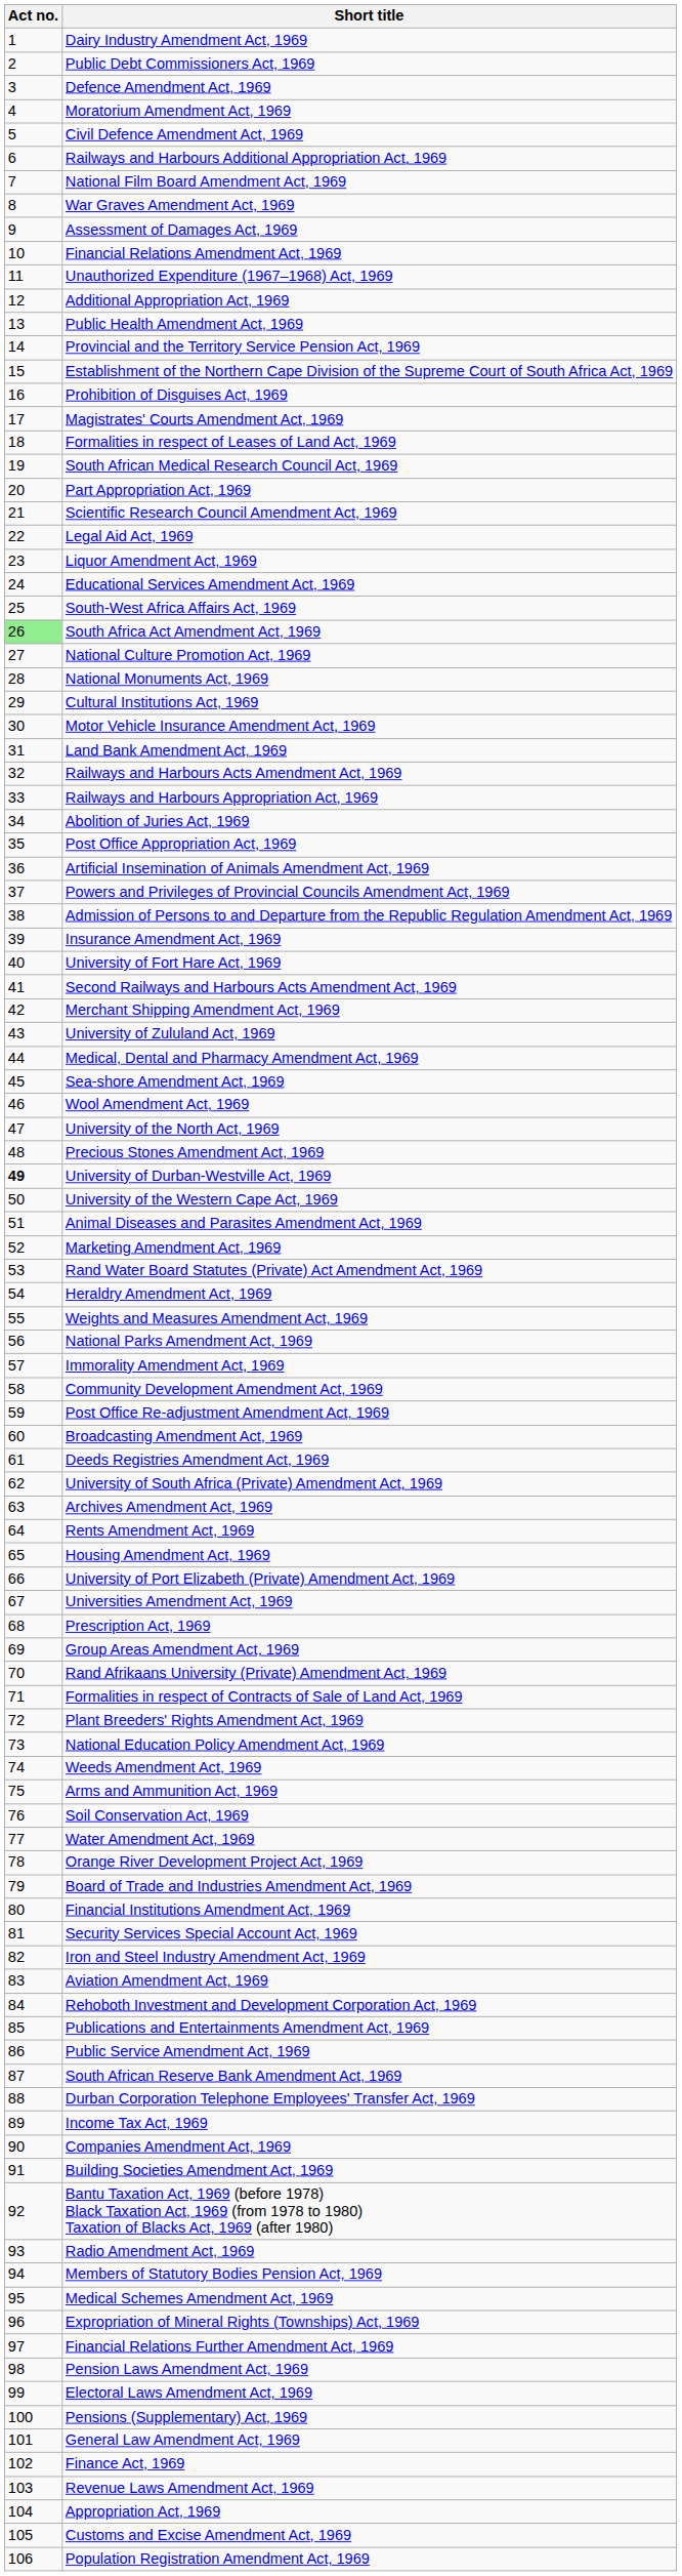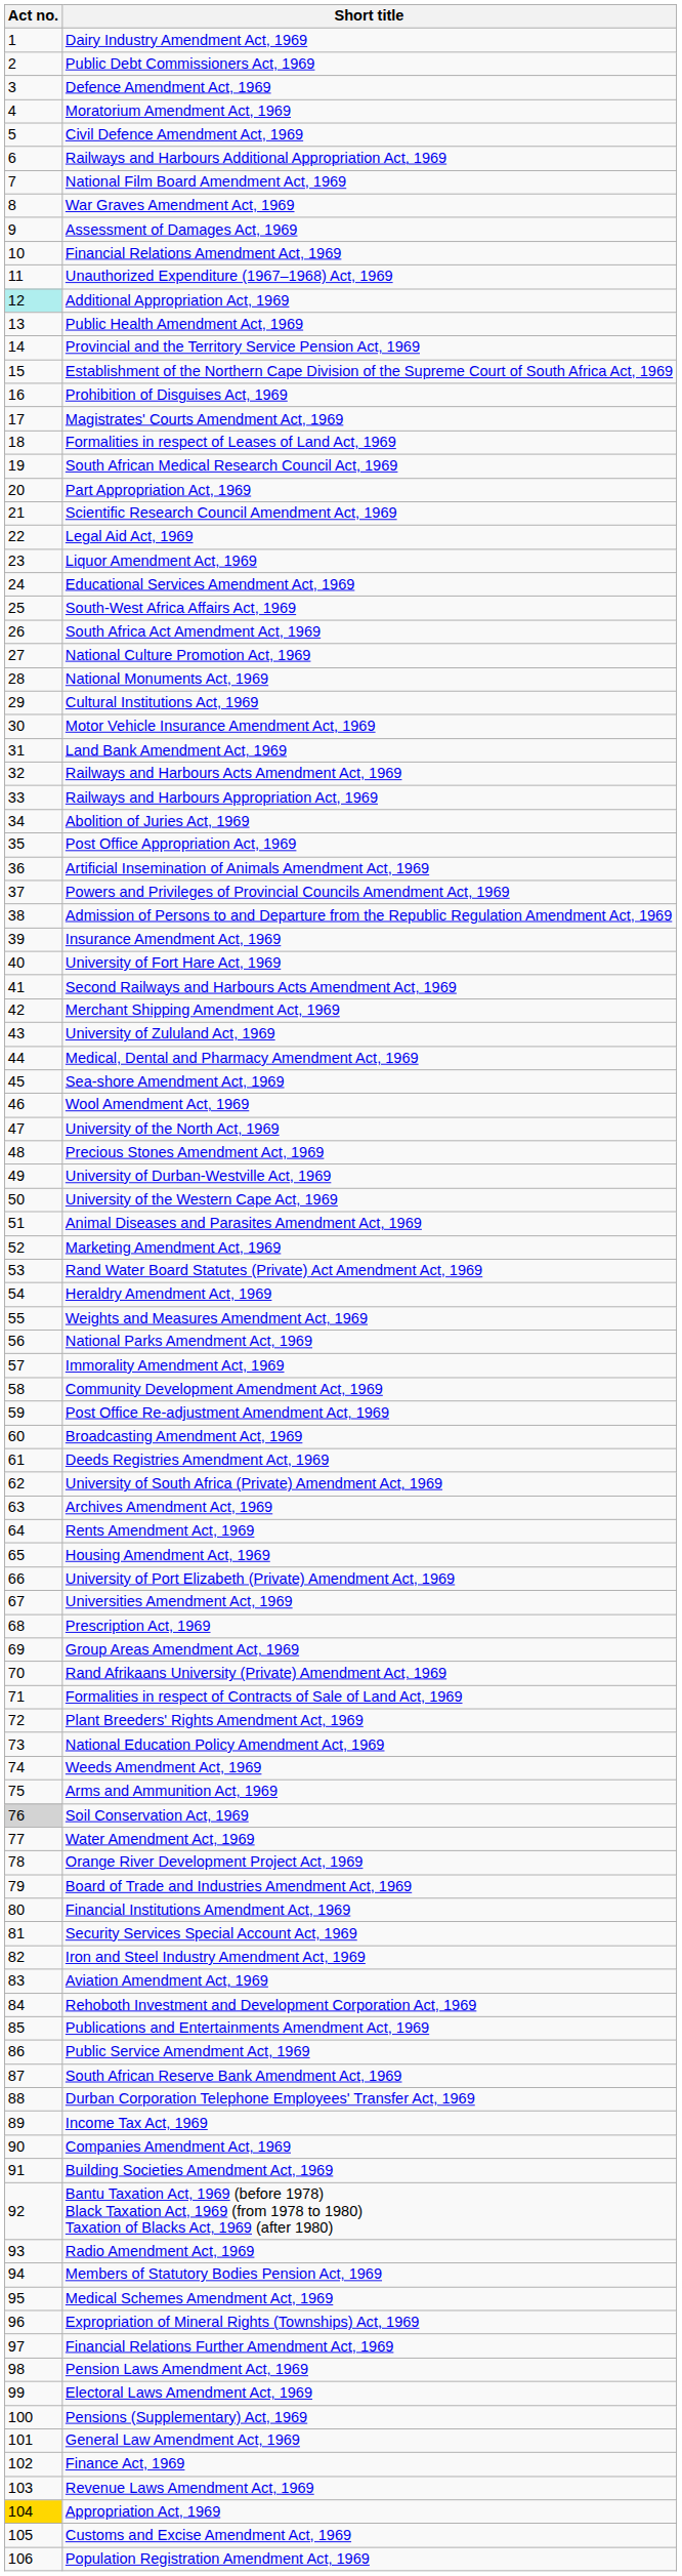 <table class="wikitable sortable">
 <tr>
 <th>Act no.</th>
 <th>Short title</th>
 </tr>
 <tr>
 <td>1</td>
 <td><a href='#'>Dairy Industry Amendment Act, 1969</a></td>
 </tr>
 <tr>
 <td>2</td>
 <td><a href='#'>Public Debt Commissioners Act, 1969</a></td>
 </tr>
 <tr>
 <td>3</td>
 <td><a href='#'>Defence Amendment Act, 1969</a></td>
 </tr>
 <tr>
 <td>4</td>
 <td><a href='#'>Moratorium Amendment Act, 1969</a></td>
 </tr>
 <tr>
 <td>5</td>
 <td><a href='#'>Civil Defence Amendment Act, 1969</a></td>
 </tr>
 <tr>
 <td>6</td>
 <td><a href='#'>Railways and Harbours Additional Appropriation Act, 1969</a></td>
 </tr>
 <tr>
 <td>7</td>
 <td><a href='#'>National Film Board Amendment Act, 1969</a></td>
 </tr>
 <tr>
 <td>8</td>
 <td><a href='#'>War Graves Amendment Act, 1969</a></td>
 </tr>
 <tr>
 <td>9</td>
 <td><a href='#'>Assessment of Damages Act, 1969</a></td>
 </tr>
 <tr>
 <td>10</td>
 <td><a href='#'>Financial Relations Amendment Act, 1969</a></td>
 </tr>
 <tr>
 <td>11</td>
 <td><a href='#'>Unauthorized Expenditure (1967–1968) Act, 1969</a></td>
 </tr>
 <tr>
-<td>12</td>
+<td style="background: paleturquoise;">12</td>
 <td><a href='#'>Additional Appropriation Act, 1969</a></td>
 </tr>
 <tr>
 <td>13</td>
 <td><a href='#'>Public Health Amendment Act, 1969</a></td>
 </tr>
 <tr>
 <td>14</td>
 <td><a href='#'>Provincial and the Territory Service Pension Act, 1969</a></td>
 </tr>
 <tr>
 <td>15</td>
 <td><a href='#'>Establishment of the Northern Cape Division of the Supreme Court of South Africa Act, 1969</a></td>
 </tr>
 <tr>
 <td>16</td>
 <td><a href='#'>Prohibition of Disguises Act, 1969</a></td>
 </tr>
 <tr>
 <td>17</td>
 <td><a href='#'>Magistrates' Courts Amendment Act, 1969</a></td>
 </tr>
 <tr>
 <td>18</td>
 <td><a href='#'>Formalities in respect of Leases of Land Act, 1969</a></td>
 </tr>
 <tr>
 <td>19</td>
 <td><a href='#'>South African Medical Research Council Act, 1969</a></td>
 </tr>
 <tr>
 <td>20</td>
 <td><a href='#'>Part Appropriation Act, 1969</a></td>
 </tr>
 <tr>
 <td>21</td>
 <td><a href='#'>Scientific Research Council Amendment Act, 1969</a></td>
 </tr>
 <tr>
 <td>22</td>
 <td><a href='#'>Legal Aid Act, 1969</a></td>
 </tr>
 <tr>
 <td>23</td>
 <td><a href='#'>Liquor Amendment Act, 1969</a></td>
 </tr>
 <tr>
 <td>24</td>
 <td><a href='#'>Educational Services Amendment Act, 1969</a></td>
 </tr>
 <tr>
 <td>25</td>
 <td><a href='#'>South-West Africa Affairs Act, 1969</a></td>
 </tr>
 <tr>
-<td style="background: lightgreen;">26</td>
+<td>26</td>
 <td><a href='#'>South Africa Act Amendment Act, 1969</a></td>
 </tr>
 <tr>
 <td>27</td>
 <td><a href='#'>National Culture Promotion Act, 1969</a></td>
 </tr>
 <tr>
 <td>28</td>
 <td><a href='#'>National Monuments Act, 1969</a></td>
 </tr>
 <tr>
 <td>29</td>
 <td><a href='#'>Cultural Institutions Act, 1969</a></td>
 </tr>
 <tr>
 <td>30</td>
 <td><a href='#'>Motor Vehicle Insurance Amendment Act, 1969</a></td>
 </tr>
 <tr>
 <td>31</td>
 <td><a href='#'>Land Bank Amendment Act, 1969</a></td>
 </tr>
 <tr>
 <td>32</td>
 <td><a href='#'>Railways and Harbours Acts Amendment Act, 1969</a></td>
 </tr>
 <tr>
 <td>33</td>
 <td><a href='#'>Railways and Harbours Appropriation Act, 1969</a></td>
 </tr>
 <tr>
 <td>34</td>
 <td><a href='#'>Abolition of Juries Act, 1969</a></td>
 </tr>
 <tr>
 <td>35</td>
 <td><a href='#'>Post Office Appropriation Act, 1969</a></td>
 </tr>
 <tr>
 <td>36</td>
 <td><a href='#'>Artificial Insemination of Animals Amendment Act, 1969</a></td>
 </tr>
 <tr>
 <td>37</td>
 <td><a href='#'>Powers and Privileges of Provincial Councils Amendment Act, 1969</a></td>
 </tr>
 <tr>
 <td>38</td>
 <td><a href='#'>Admission of Persons to and Departure from the Republic Regulation Amendment Act, 1969</a></td>
 </tr>
 <tr>
 <td>39</td>
 <td><a href='#'>Insurance Amendment Act, 1969</a></td>
 </tr>
 <tr>
 <td>40</td>
 <td><a href='#'>University of Fort Hare Act, 1969</a></td>
 </tr>
 <tr>
 <td>41</td>
 <td><a href='#'>Second Railways and Harbours Acts Amendment Act, 1969</a></td>
 </tr>
 <tr>
 <td>42</td>
 <td><a href='#'>Merchant Shipping Amendment Act, 1969</a></td>
 </tr>
 <tr>
 <td>43</td>
 <td><a href='#'>University of Zululand Act, 1969</a></td>
 </tr>
 <tr>
 <td>44</td>
 <td><a href='#'>Medical, Dental and Pharmacy Amendment Act, 1969</a></td>
 </tr>
 <tr>
 <td>45</td>
 <td><a href='#'>Sea-shore Amendment Act, 1969</a></td>
 </tr>
 <tr>
 <td>46</td>
 <td><a href='#'>Wool Amendment Act, 1969</a></td>
 </tr>
 <tr>
 <td>47</td>
 <td><a href='#'>University of the North Act, 1969</a></td>
 </tr>
 <tr>
 <td>48</td>
 <td><a href='#'>Precious Stones Amendment Act, 1969</a></td>
 </tr>
 <tr>
-<td><strong>49</strong></td>
+<td>49</td>
 <td><a href='#'>University of Durban-Westville Act, 1969</a></td>
 </tr>
 <tr>
 <td>50</td>
 <td><a href='#'>University of the Western Cape Act, 1969</a></td>
 </tr>
 <tr>
 <td>51</td>
 <td><a href='#'>Animal Diseases and Parasites Amendment Act, 1969</a></td>
 </tr>
 <tr>
 <td>52</td>
 <td><a href='#'>Marketing Amendment Act, 1969</a></td>
 </tr>
 <tr>
 <td>53</td>
 <td><a href='#'>Rand Water Board Statutes (Private) Act Amendment Act, 1969</a></td>
 </tr>
 <tr>
 <td>54</td>
 <td><a href='#'>Heraldry Amendment Act, 1969</a></td>
 </tr>
 <tr>
 <td>55</td>
 <td><a href='#'>Weights and Measures Amendment Act, 1969</a></td>
 </tr>
 <tr>
 <td>56</td>
 <td><a href='#'>National Parks Amendment Act, 1969</a></td>
 </tr>
 <tr>
 <td>57</td>
 <td><a href='#'>Immorality Amendment Act, 1969</a></td>
 </tr>
 <tr>
 <td>58</td>
 <td><a href='#'>Community Development Amendment Act, 1969</a></td>
 </tr>
 <tr>
 <td>59</td>
 <td><a href='#'>Post Office Re-adjustment Amendment Act, 1969</a></td>
 </tr>
 <tr>
 <td>60</td>
 <td><a href='#'>Broadcasting Amendment Act, 1969</a></td>
 </tr>
 <tr>
 <td>61</td>
 <td><a href='#'>Deeds Registries Amendment Act, 1969</a></td>
 </tr>
 <tr>
 <td>62</td>
 <td><a href='#'>University of South Africa (Private) Amendment Act, 1969</a></td>
 </tr>
 <tr>
 <td>63</td>
 <td><a href='#'>Archives Amendment Act, 1969</a></td>
 </tr>
 <tr>
 <td>64</td>
 <td><a href='#'>Rents Amendment Act, 1969</a></td>
 </tr>
 <tr>
 <td>65</td>
 <td><a href='#'>Housing Amendment Act, 1969</a></td>
 </tr>
 <tr>
 <td>66</td>
 <td><a href='#'>University of Port Elizabeth (Private) Amendment Act, 1969</a></td>
 </tr>
 <tr>
 <td>67</td>
 <td><a href='#'>Universities Amendment Act, 1969</a></td>
 </tr>
 <tr>
 <td>68</td>
 <td><a href='#'>Prescription Act, 1969</a></td>
 </tr>
 <tr>
 <td>69</td>
 <td><a href='#'>Group Areas Amendment Act, 1969</a></td>
 </tr>
 <tr>
 <td>70</td>
 <td><a href='#'>Rand Afrikaans University (Private) Amendment Act, 1969</a></td>
 </tr>
 <tr>
 <td>71</td>
 <td><a href='#'>Formalities in respect of Contracts of Sale of Land Act, 1969</a></td>
 </tr>
 <tr>
 <td>72</td>
 <td><a href='#'>Plant Breeders' Rights Amendment Act, 1969</a></td>
 </tr>
 <tr>
 <td>73</td>
 <td><a href='#'>National Education Policy Amendment Act, 1969</a></td>
 </tr>
 <tr>
 <td>74</td>
 <td><a href='#'>Weeds Amendment Act, 1969</a></td>
 </tr>
 <tr>
 <td>75</td>
 <td><a href='#'>Arms and Ammunition Act, 1969</a></td>
 </tr>
 <tr>
-<td>76</td>
+<td style="background: lightgrey;">76</td>
 <td><a href='#'>Soil Conservation Act, 1969</a></td>
 </tr>
 <tr>
 <td>77</td>
 <td><a href='#'>Water Amendment Act, 1969</a></td>
 </tr>
 <tr>
 <td>78</td>
 <td><a href='#'>Orange River Development Project Act, 1969</a></td>
 </tr>
 <tr>
 <td>79</td>
 <td><a href='#'>Board of Trade and Industries Amendment Act, 1969</a></td>
 </tr>
 <tr>
 <td>80</td>
 <td><a href='#'>Financial Institutions Amendment Act, 1969</a></td>
 </tr>
 <tr>
 <td>81</td>
 <td><a href='#'>Security Services Special Account Act, 1969</a></td>
 </tr>
 <tr>
 <td>82</td>
 <td><a href='#'>Iron and Steel Industry Amendment Act, 1969</a></td>
 </tr>
 <tr>
 <td>83</td>
 <td><a href='#'>Aviation Amendment Act, 1969</a></td>
 </tr>
 <tr>
 <td>84</td>
 <td><a href='#'>Rehoboth Investment and Development Corporation Act, 1969</a></td>
 </tr>
 <tr>
 <td>85</td>
 <td><a href='#'>Publications and Entertainments Amendment Act, 1969</a></td>
 </tr>
 <tr>
 <td>86</td>
 <td><a href='#'>Public Service Amendment Act, 1969</a></td>
 </tr>
 <tr>
 <td>87</td>
 <td><a href='#'>South African Reserve Bank Amendment Act, 1969</a></td>
 </tr>
 <tr>
 <td>88</td>
 <td><a href='#'>Durban Corporation Telephone Employees' Transfer Act, 1969</a></td>
 </tr>
 <tr>
 <td>89</td>
 <td><a href='#'>Income Tax Act, 1969</a></td>
 </tr>
 <tr>
 <td>90</td>
 <td><a href='#'>Companies Amendment Act, 1969</a></td>
 </tr>
 <tr>
 <td>91</td>
 <td><a href='#'>Building Societies Amendment Act, 1969</a></td>
 </tr>
 <tr>
 <td>92</td>
 <td><a href='#'>Bantu Taxation Act, 1969</a> (before 1978) <br><a href='#'>Black Taxation Act, 1969</a> (from 1978 to 1980) <br><a href='#'>Taxation of Blacks Act, 1969</a> (after 1980)</td>
 </tr>
 <tr>
 <td>93</td>
 <td><a href='#'>Radio Amendment Act, 1969</a></td>
 </tr>
 <tr>
 <td>94</td>
 <td><a href='#'>Members of Statutory Bodies Pension Act, 1969</a></td>
 </tr>
 <tr>
 <td>95</td>
 <td><a href='#'>Medical Schemes Amendment Act, 1969</a></td>
 </tr>
 <tr>
 <td>96</td>
 <td><a href='#'>Expropriation of Mineral Rights (Townships) Act, 1969</a></td>
 </tr>
 <tr>
 <td>97</td>
 <td><a href='#'>Financial Relations Further Amendment Act, 1969</a></td>
 </tr>
 <tr>
 <td>98</td>
 <td><a href='#'>Pension Laws Amendment Act, 1969</a></td>
 </tr>
 <tr>
 <td>99</td>
 <td><a href='#'>Electoral Laws Amendment Act, 1969</a></td>
 </tr>
 <tr>
 <td>100</td>
 <td><a href='#'>Pensions (Supplementary) Act, 1969</a></td>
 </tr>
 <tr>
 <td>101</td>
 <td><a href='#'>General Law Amendment Act, 1969</a></td>
 </tr>
 <tr>
 <td>102</td>
 <td><a href='#'>Finance Act, 1969</a></td>
 </tr>
 <tr>
 <td>103</td>
 <td><a href='#'>Revenue Laws Amendment Act, 1969</a></td>
 </tr>
 <tr>
-<td>104</td>
+<td style="background: gold;">104</td>
 <td><a href='#'>Appropriation Act, 1969</a></td>
 </tr>
 <tr>
 <td>105</td>
 <td><a href='#'>Customs and Excise Amendment Act, 1969</a></td>
 </tr>
 <tr>
 <td>106</td>
 <td><a href='#'>Population Registration Amendment Act, 1969</a></td>
 </tr>
 </table>
